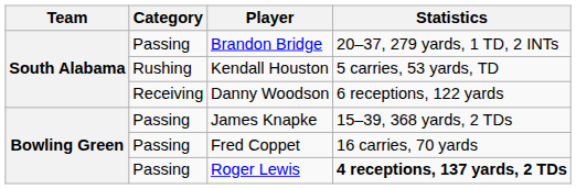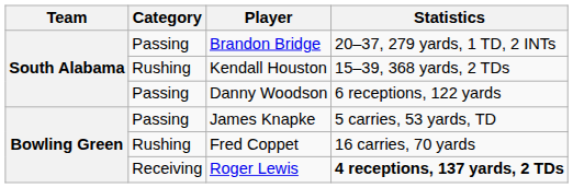 <table class="wikitable" style="float:right">
 <tr>
 <th>Team</th>
 <th>Category</th>
 <th>Player</th>
 <th>Statistics</th>
 </tr>
 <tr>
 <th rowspan=3>South Alabama</th>
 <td>Passing</td>
 <td><a href='#'>Brandon Bridge</a></td>
 <td>20–37, 279 yards, 1 TD, 2 INTs</td>
 </tr>
 <tr>
 <td>Rushing</td>
 <td>Kendall Houston</td>
-<td>5 carries, 53 yards, TD</td>
+<td>15–39, 368 yards, 2 TDs</td>
 </tr>
 <tr>
-<td>Receiving</td>
+<td>Passing</td>
 <td>Danny Woodson</td>
 <td>6 receptions, 122 yards</td>
 </tr>
 <tr>
 <th rowspan=3>Bowling Green</th>
 <td>Passing</td>
 <td>James Knapke</td>
-<td>15–39, 368 yards, 2 TDs</td>
+<td>5 carries, 53 yards, TD</td>
 </tr>
 <tr>
-<td>Passing</td>
+<td>Rushing</td>
 <td>Fred Coppet</td>
 <td>16 carries, 70 yards</td>
 </tr>
 <tr>
-<td>Passing</td>
+<td>Receiving</td>
 <td><a href='#'>Roger Lewis</a></td>
 <td><strong>4 receptions, 137 yards, 2 TDs</strong></td>
 </tr>
 </table>
